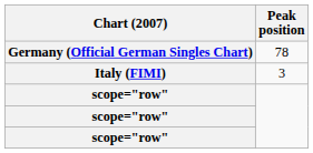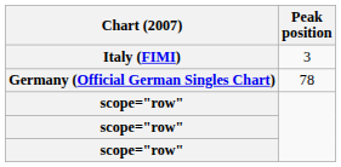 <table class="wikitable sortable plainrowheaders">
 <tr>
 <th scope="col">Chart (2007)</th>
 <th scope="col">Peak<br>position</th>
 </tr>
 <tr>
+<th scope="row">Italy (<a href='#'>FIMI</a>)</th>
+<td align="center">3</td>
+</tr>
+<tr>
 <th scope="row">Germany (<a href='#'>Official German Singles Chart</a>)</th>
 <td align="center">78</td>
-</tr>
-<tr>
-<th scope="row">Italy (<a href='#'>FIMI</a>)</th>
-<td align="center">3</td>
 </tr>
 <tr>
 <th>scope="row"</th>
 </tr>
 <tr>
 <th>scope="row"</th>
 </tr>
 <tr>
 <th>scope="row"</th>
 </tr>
 </table>
